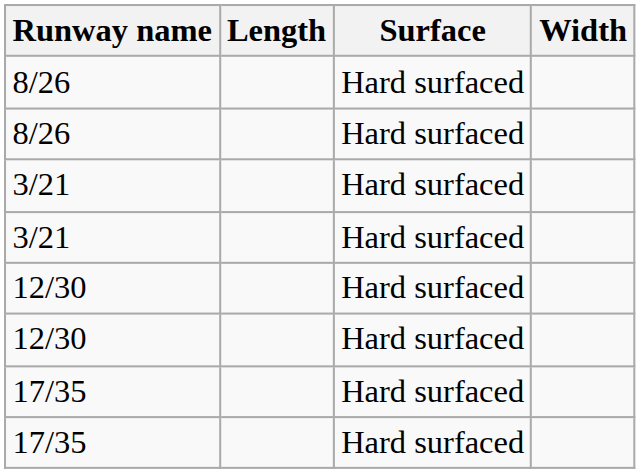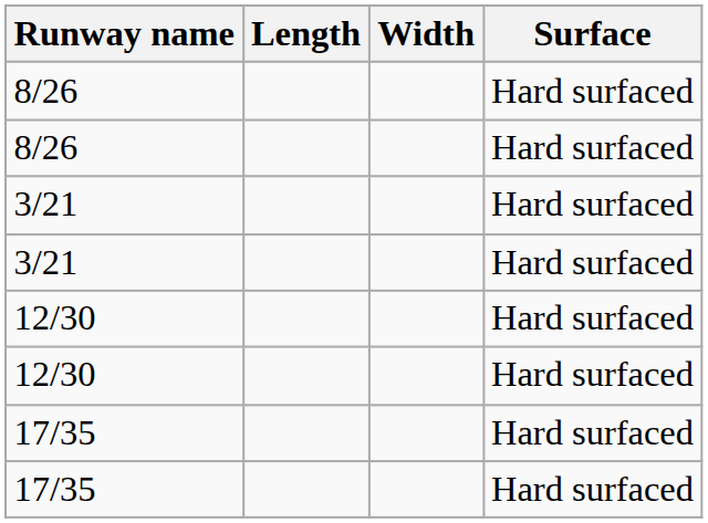 <table class="wikitable">
 <tr>
 <th>Runway name</th>
 <th>Length</th>
+<th>Width</th>
 <th>Surface</th>
-<th>Width</th>
 </tr>
 <tr>
 <td>8/26</td>
 <td></td>
+<td></td>
 <td>Hard surfaced</td>
-<td></td>
 </tr>
 <tr>
 <td>8/26</td>
 <td></td>
+<td></td>
 <td>Hard surfaced</td>
-<td></td>
 </tr>
 <tr>
 <td>3/21</td>
 <td></td>
+<td></td>
 <td>Hard surfaced</td>
-<td></td>
 </tr>
 <tr>
 <td>3/21</td>
 <td></td>
+<td></td>
 <td>Hard surfaced</td>
-<td></td>
 </tr>
 <tr>
 <td>12/30</td>
 <td></td>
+<td></td>
 <td>Hard surfaced</td>
-<td></td>
 </tr>
 <tr>
 <td>12/30</td>
 <td></td>
+<td></td>
 <td>Hard surfaced</td>
-<td></td>
 </tr>
 <tr>
 <td>17/35</td>
 <td></td>
+<td></td>
 <td>Hard surfaced</td>
-<td></td>
 </tr>
 <tr>
 <td>17/35</td>
 <td></td>
+<td></td>
 <td>Hard surfaced</td>
-<td></td>
 </tr>
 </table>
